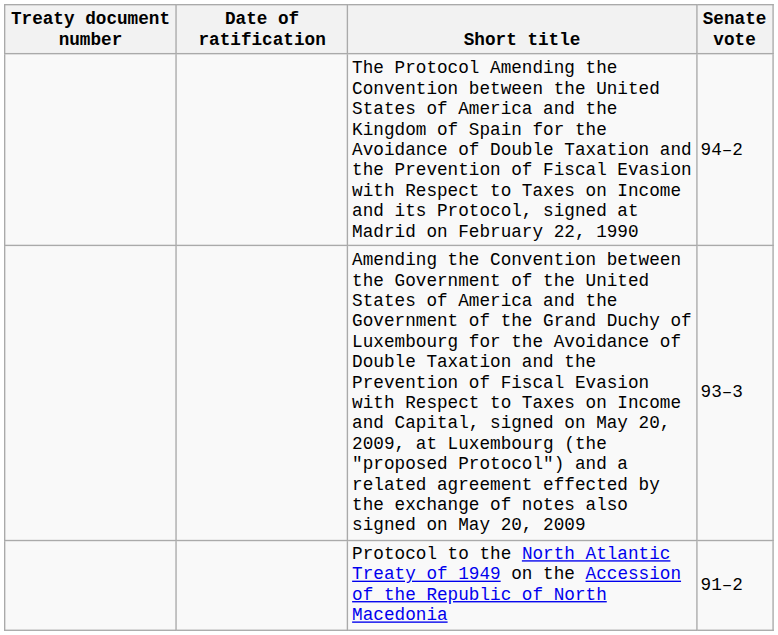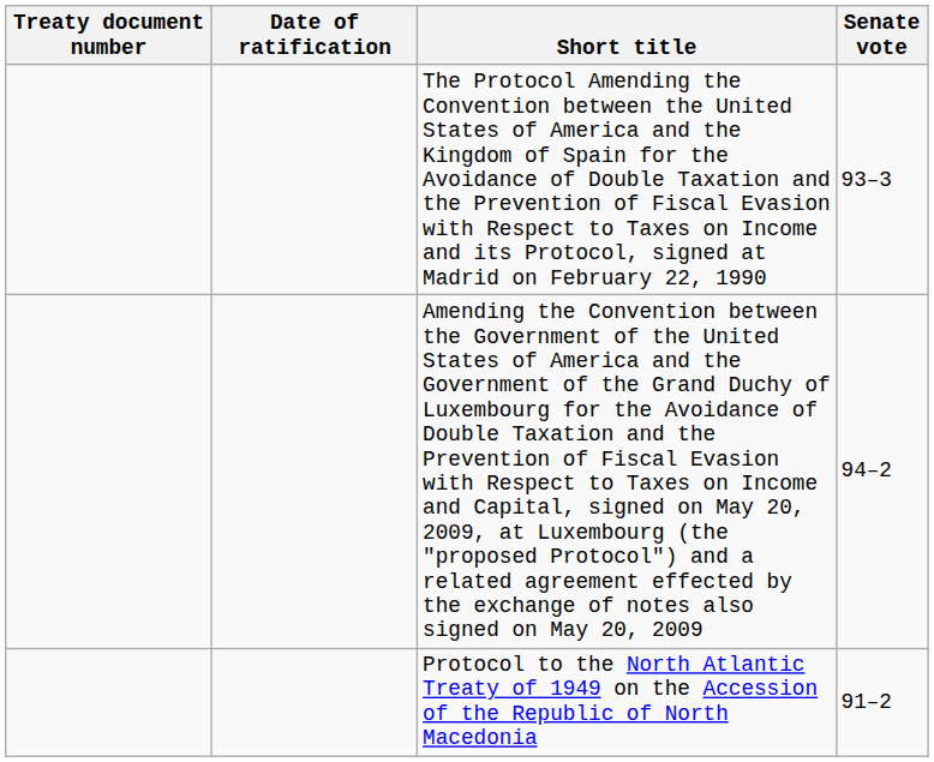 <table class=wikitable>
 <tr valign=bottom>
 <th style="width: 120px">Treaty document number</th>
 <th style="width: 120px">Date of ratification</th>
 <th style="width: 250px; valign: bottom">Short title</th>
 <th style="width: 50px">Senate vote</th>
 </tr>
 <tr>
 <td></td>
 <td></td>
 <td>The Protocol Amending the Convention between the United States of America and the Kingdom of Spain for the Avoidance of Double Taxation and the Prevention of Fiscal Evasion with Respect to Taxes on Income and its Protocol, signed at Madrid on February 22, 1990</td>
-<td>94–2</td>
+<td>93–3</td>
 </tr>
 <tr>
 <td></td>
 <td></td>
 <td>Amending the Convention between the Government of the United States of America and the Government of the Grand Duchy of Luxembourg for the Avoidance of Double Taxation and the Prevention of Fiscal Evasion with Respect to Taxes on Income and Capital, signed on May 20, 2009, at Luxembourg (the "proposed Protocol") and a related agreement effected by the exchange of notes also signed on May 20, 2009</td>
-<td>93–3</td>
+<td>94–2</td>
 </tr>
 <tr>
 <td></td>
 <td></td>
 <td>Protocol to the <a href='#'>North Atlantic Treaty of 1949</a> on the <a href='#'>Accession of the Republic of North Macedonia</a></td>
 <td>91–2</td>
 </tr>
 </table>
